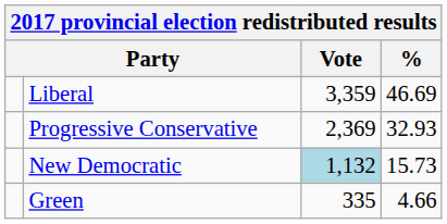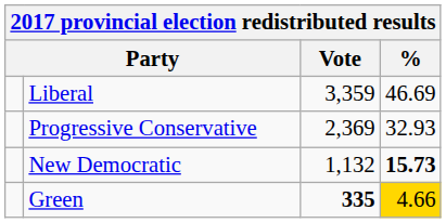 <table class="wikitable">
 <tr>
 <th colspan="4"><a href='#'>2017 provincial election</a> redistributed results</th>
 </tr>
 <tr>
 <th bgcolor="#DDDDFF" width="130px" colspan="2">Party</th>
 <th bgcolor="#DDDDFF" width="50px">Vote</th>
 <th bgcolor="#DDDDFF" width="30px">%</th>
 </tr>
 <tr>
 <td> </td>
 <td><a href='#'>Liberal</a></td>
 <td align=right>3,359</td>
 <td align=right>46.69</td>
 </tr>
 <tr>
 <td> </td>
 <td><a href='#'>Progressive Conservative</a></td>
 <td align=right>2,369</td>
 <td align=right>32.93</td>
 </tr>
 <tr>
 <td> </td>
 <td><a href='#'>New Democratic</a></td>
-<td align=right style="background: lightblue;">1,132</td>
-<td align=right>15.73</td>
+<td align=right>1,132</td>
+<td align=right><strong>15.73</strong></td>
 </tr>
 <tr>
 <td> </td>
 <td><a href='#'>Green</a></td>
-<td align=right>335</td>
-<td align=right>4.66</td>
+<td align=right><strong>335</strong></td>
+<td align=right style="background: gold;">4.66</td>
 </tr>
 </table>
